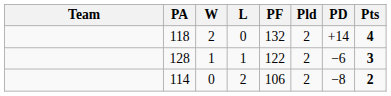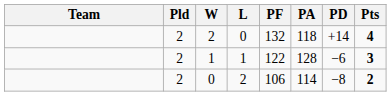 <table class=wikitable style="text-align:center">
 <tr>
 <th width=180>Team</th>
-<th width=30>PA</th>
+<th width=30>Pld</th>
 <th width=30>W</th>
 <th width=30>L</th>
 <th width=30>PF</th>
-<th width=30>Pld</th>
+<th width=30>PA</th>
 <th width=30>PD</th>
 <th width=30>Pts</th>
 </tr>
 <tr>
 <td align="left"></td>
-<td>118</td>
+<td>2</td>
 <td>2</td>
 <td>0</td>
 <td>132</td>
-<td>2</td>
+<td>118</td>
 <td>+14</td>
 <td><strong>4</strong></td>
 </tr>
 <tr>
 <td align="left"></td>
-<td>128</td>
+<td>2</td>
 <td>1</td>
 <td>1</td>
 <td>122</td>
-<td>2</td>
+<td>128</td>
 <td>−6</td>
 <td><strong>3</strong></td>
 </tr>
 <tr>
 <td align="left"></td>
-<td>114</td>
+<td>2</td>
 <td>0</td>
 <td>2</td>
 <td>106</td>
-<td>2</td>
+<td>114</td>
 <td>−8</td>
 <td><strong>2</strong></td>
 </tr>
 </table>
